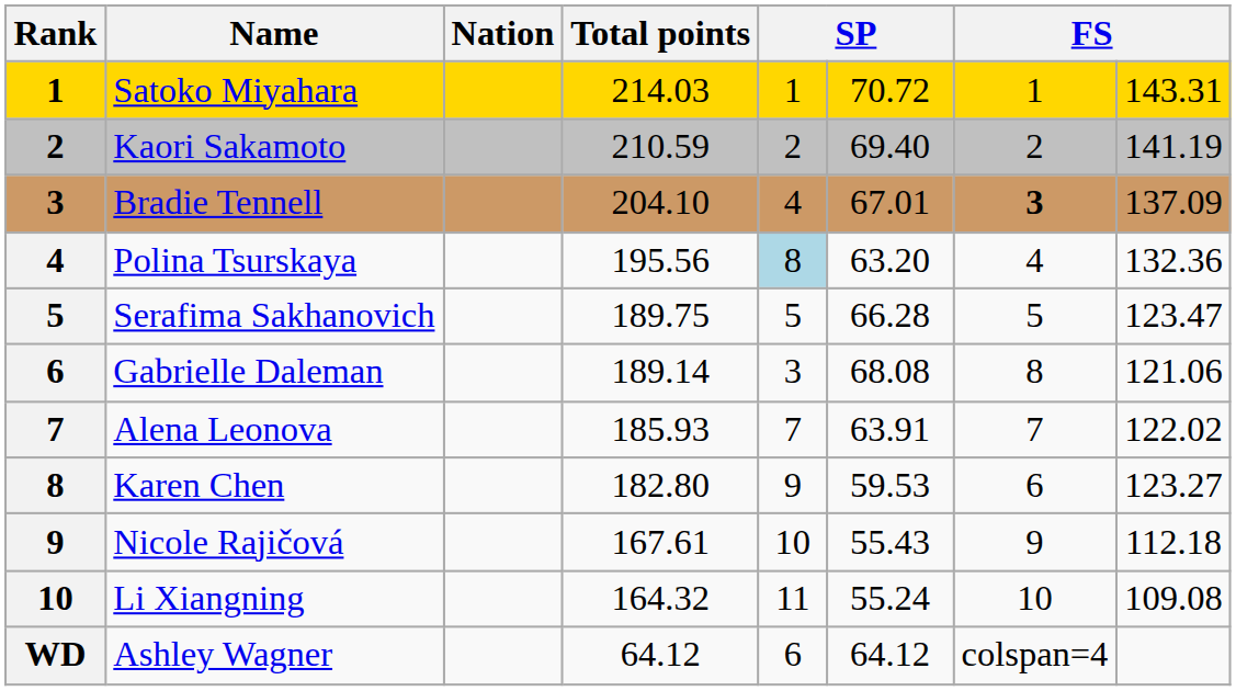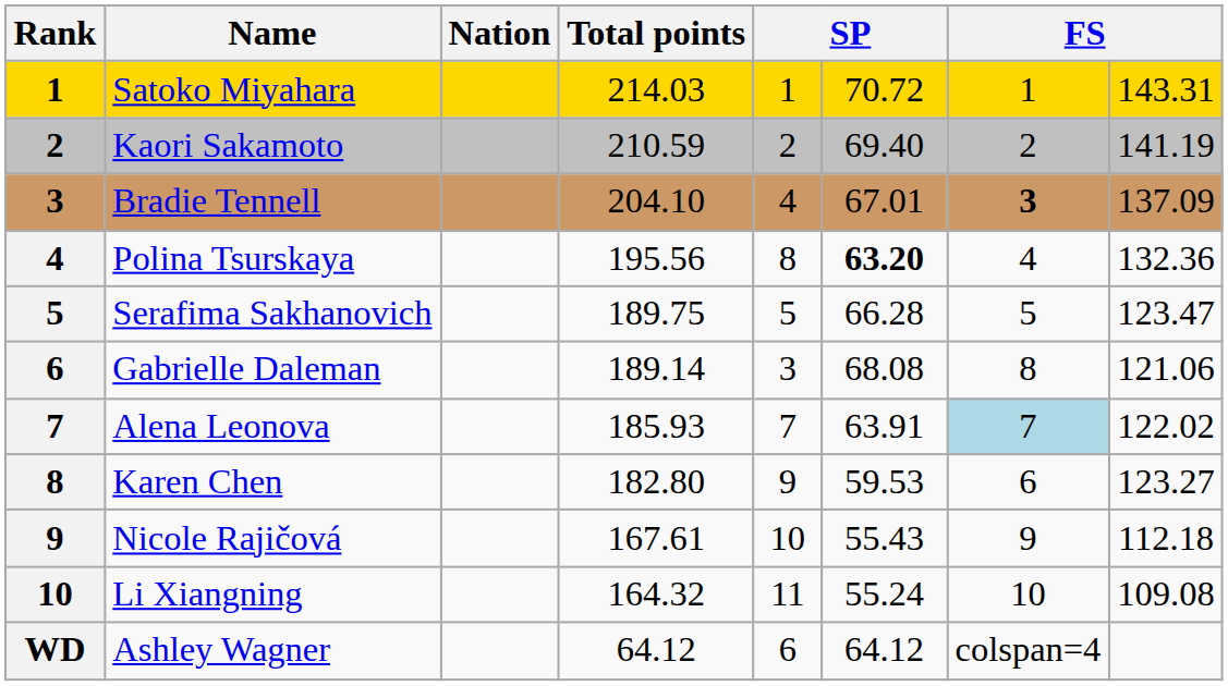 <table class="wikitable sortable">
 <tr>
 <th>Rank</th>
 <th>Name</th>
 <th>Nation</th>
 <th>Total points</th>
 <th colspan="2" width="80px"><a href='#'>SP</a></th>
 <th colspan="2" width="80px"><a href='#'>FS</a></th>
 </tr>
 <tr bgcolor="gold">
 <td align="center"><strong>1</strong></td>
 <td><a href='#'>Satoko Miyahara</a></td>
 <td></td>
 <td align="center">214.03</td>
 <td align="center">1</td>
 <td align="center">70.72</td>
 <td align="center">1</td>
 <td align="center">143.31</td>
 </tr>
 <tr bgcolor="silver">
 <td align="center"><strong>2</strong></td>
 <td><a href='#'>Kaori Sakamoto</a></td>
 <td></td>
 <td align="center">210.59</td>
 <td align="center">2</td>
 <td align="center">69.40</td>
 <td align="center">2</td>
 <td align="center">141.19</td>
 </tr>
 <tr bgcolor="cc9966">
 <td align="center"><strong>3</strong></td>
 <td><a href='#'>Bradie Tennell</a></td>
 <td></td>
 <td align="center">204.10</td>
 <td align="center">4</td>
 <td align="center">67.01</td>
 <td align="center"><strong>3</strong></td>
 <td align="center">137.09</td>
 </tr>
 <tr>
 <th>4</th>
 <td><a href='#'>Polina Tsurskaya</a></td>
 <td></td>
 <td align="center">195.56</td>
-<td align="center" style="background: lightblue;">8</td>
-<td align="center">63.20</td>
+<td align="center">8</td>
+<td align="center"><strong>63.20</strong></td>
 <td align="center">4</td>
 <td align="center">132.36</td>
 </tr>
 <tr>
 <th>5</th>
 <td><a href='#'>Serafima Sakhanovich</a></td>
 <td></td>
 <td align="center">189.75</td>
 <td align="center">5</td>
 <td align="center">66.28</td>
 <td align="center">5</td>
 <td align="center">123.47</td>
 </tr>
 <tr>
 <th>6</th>
 <td><a href='#'>Gabrielle Daleman</a></td>
 <td></td>
 <td align="center">189.14</td>
 <td align="center">3</td>
 <td align="center">68.08</td>
 <td align="center">8</td>
 <td align="center">121.06</td>
 </tr>
 <tr>
 <th>7</th>
 <td><a href='#'>Alena Leonova</a></td>
 <td></td>
 <td align="center">185.93</td>
 <td align="center">7</td>
 <td align="center">63.91</td>
-<td align="center">7</td>
+<td align="center" style="background: lightblue;">7</td>
 <td align="center">122.02</td>
 </tr>
 <tr>
 <th>8</th>
 <td><a href='#'>Karen Chen</a></td>
 <td></td>
 <td align="center">182.80</td>
 <td align="center">9</td>
 <td align="center">59.53</td>
 <td align="center">6</td>
 <td align="center">123.27</td>
 </tr>
 <tr>
 <th>9</th>
 <td><a href='#'>Nicole Rajičová</a></td>
 <td></td>
 <td align="center">167.61</td>
 <td align="center">10</td>
 <td align="center">55.43</td>
 <td align="center">9</td>
 <td align="center">112.18</td>
 </tr>
 <tr>
 <th>10</th>
 <td><a href='#'>Li Xiangning</a></td>
 <td></td>
 <td align="center">164.32</td>
 <td align="center">11</td>
 <td align="center">55.24</td>
 <td align="center">10</td>
 <td align="center">109.08</td>
 </tr>
 <tr>
 <th>WD</th>
 <td><a href='#'>Ashley Wagner</a></td>
 <td></td>
 <td align="center">64.12</td>
 <td align="center">6</td>
 <td align="center">64.12</td>
 <td>colspan=4 </td>
 </tr>
 </table>
